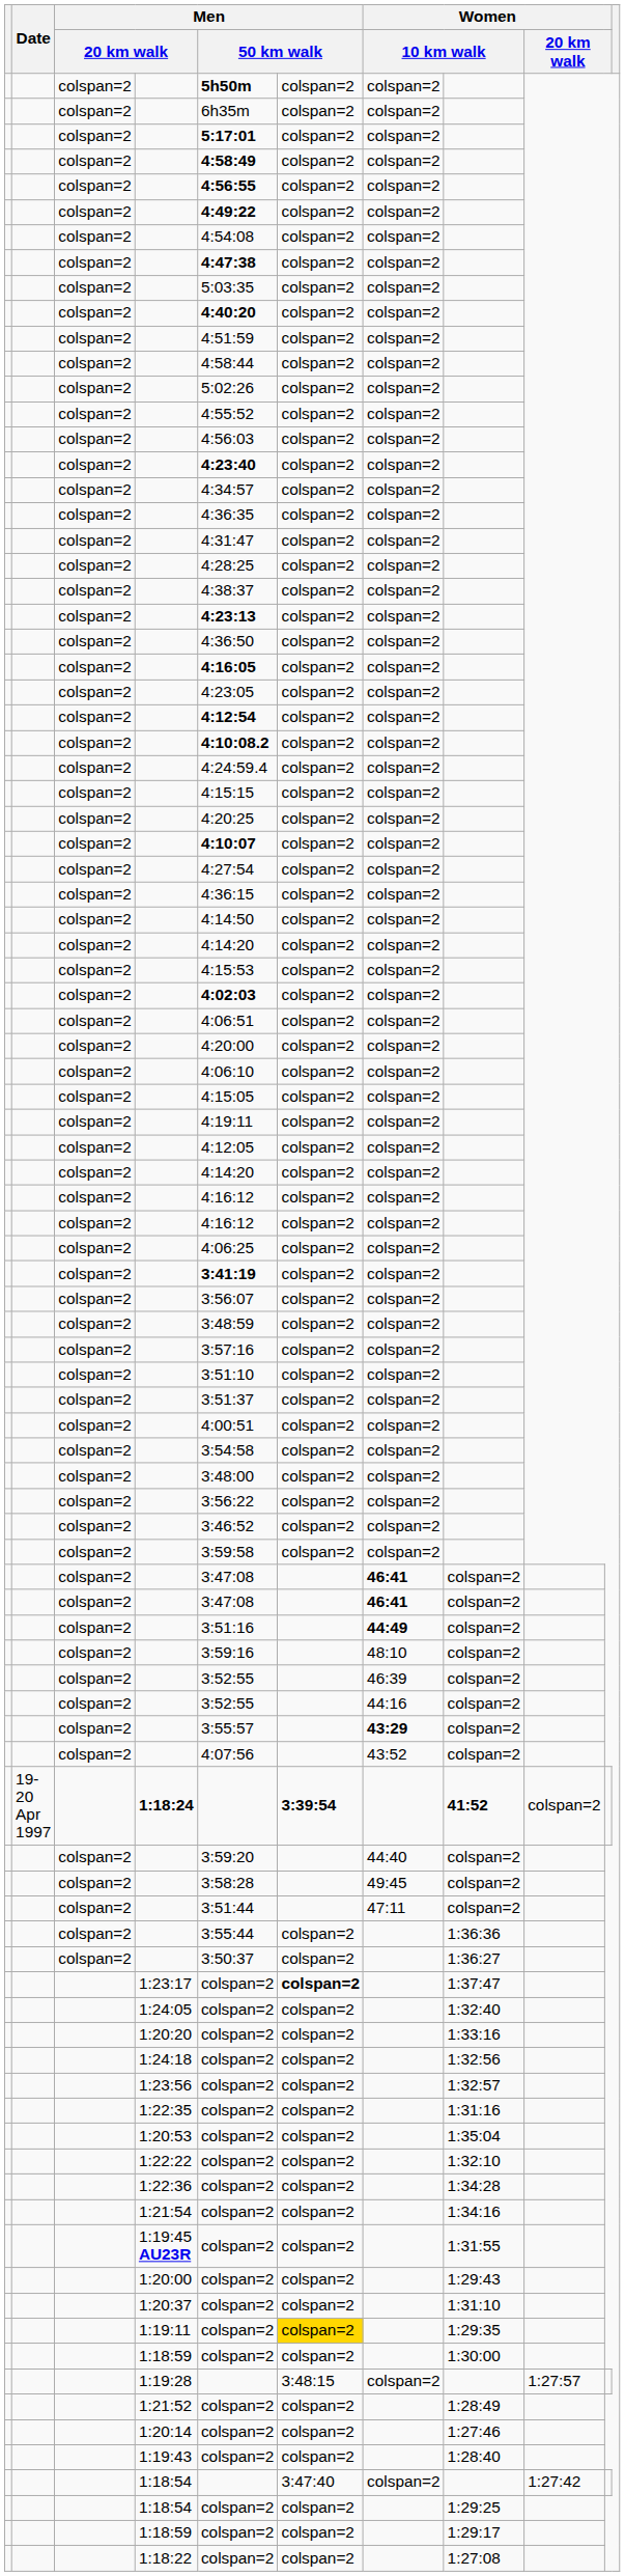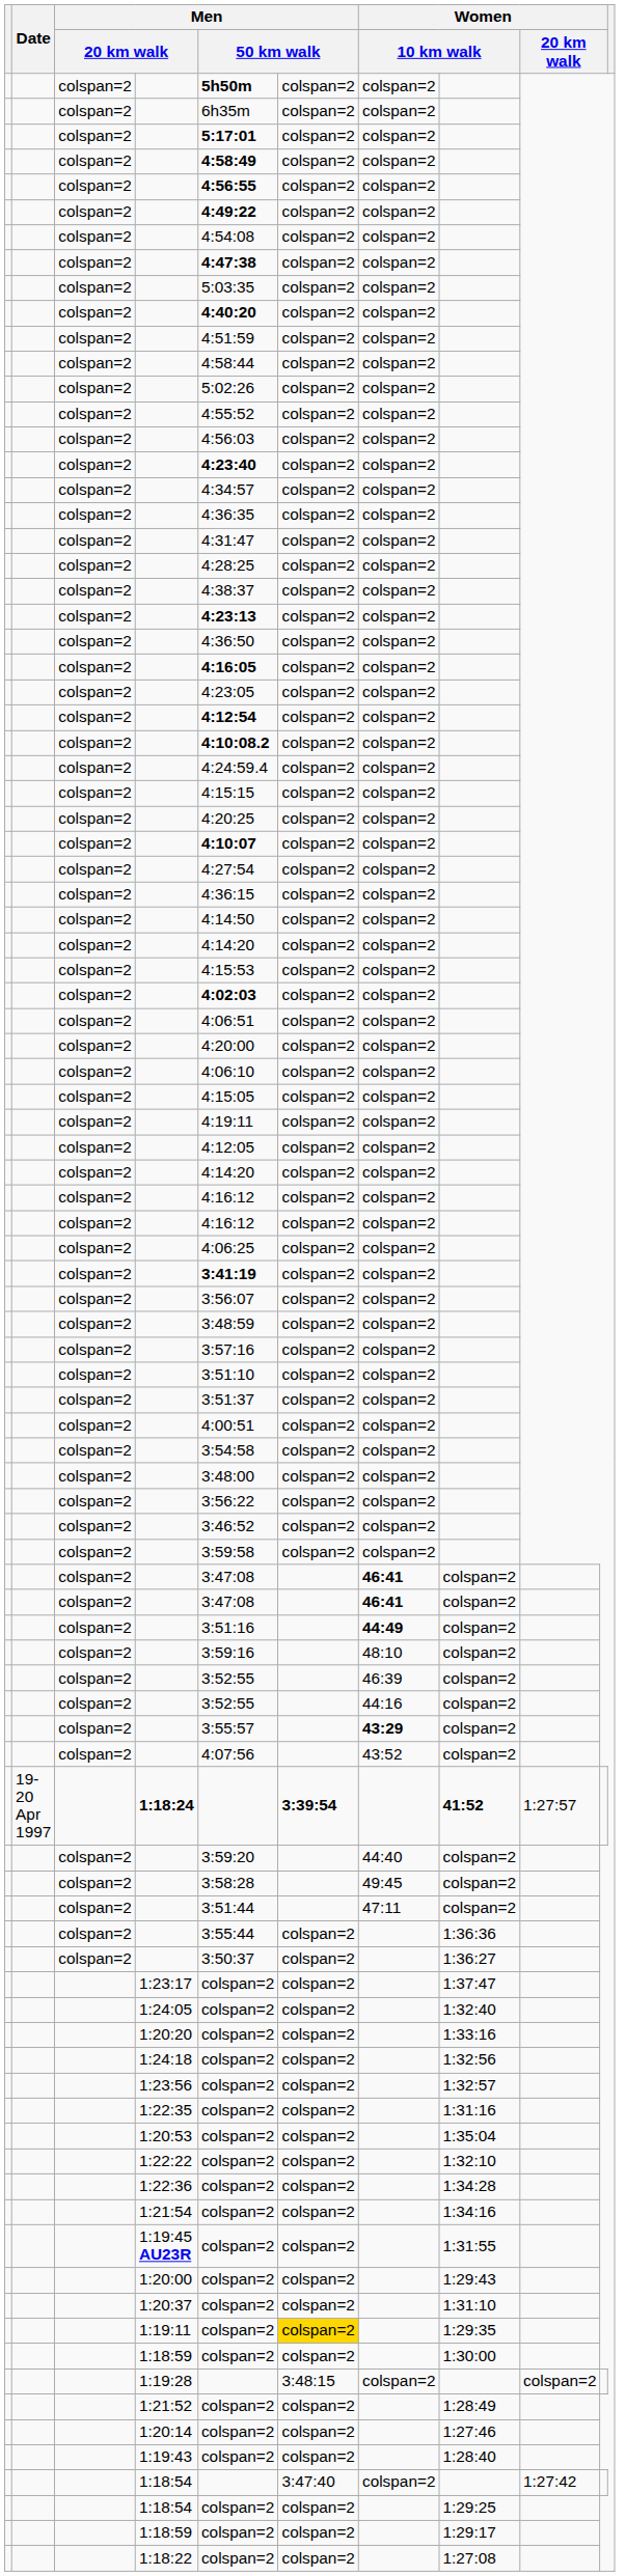 <table class="wikitable mw-datatable sortable">
 <tr>
 <th rowspan=2></th>
 <th rowspan=2>Date</th>
 <th colspan=4>Men</th>
 <th colspan=4>Women</th>
 <th rowspan=2 class="unsortable"></th>
 </tr>
 <tr>
 <th colspan=2><a href='#'>20 km walk</a></th>
 <th colspan=2><a href='#'>50 km walk</a></th>
 <th colspan=2><a href='#'>10 km walk</a></th>
 <th colspan=2><a href='#'>20 km walk</a></th>
 </tr>
 <tr>
 <td></td>
 <td></td>
 <td>colspan=2 </td>
 <td></td>
 <td><strong>5h50m</strong></td>
 <td>colspan=2 </td>
 <td>colspan=2 </td>
 <td></td>
 </tr>
 <tr>
 <td></td>
 <td></td>
 <td>colspan=2 </td>
 <td></td>
 <td>6h35m</td>
 <td>colspan=2 </td>
 <td>colspan=2 </td>
 <td></td>
 </tr>
 <tr>
 <td></td>
 <td></td>
 <td>colspan=2 </td>
 <td></td>
 <td><strong>5:17:01</strong></td>
 <td>colspan=2 </td>
 <td>colspan=2 </td>
 <td></td>
 </tr>
 <tr>
 <td></td>
 <td></td>
 <td>colspan=2 </td>
 <td></td>
 <td><strong>4:58:49</strong></td>
 <td>colspan=2 </td>
 <td>colspan=2 </td>
 <td></td>
 </tr>
 <tr>
 <td></td>
 <td></td>
 <td>colspan=2 </td>
 <td></td>
 <td><strong>4:56:55</strong></td>
 <td>colspan=2 </td>
 <td>colspan=2 </td>
 <td></td>
 </tr>
 <tr>
 <td></td>
 <td></td>
 <td>colspan=2 </td>
 <td></td>
 <td><strong>4:49:22</strong></td>
 <td>colspan=2 </td>
 <td>colspan=2 </td>
 <td></td>
 </tr>
 <tr>
 <td></td>
 <td></td>
 <td>colspan=2 </td>
 <td></td>
 <td>4:54:08</td>
 <td>colspan=2 </td>
 <td>colspan=2 </td>
 <td></td>
 </tr>
 <tr>
 <td></td>
 <td></td>
 <td>colspan=2 </td>
 <td></td>
 <td><strong>4:47:38</strong></td>
 <td>colspan=2 </td>
 <td>colspan=2 </td>
 <td></td>
 </tr>
 <tr>
 <td></td>
 <td></td>
 <td>colspan=2 </td>
 <td></td>
 <td>5:03:35</td>
 <td>colspan=2 </td>
 <td>colspan=2 </td>
 <td></td>
 </tr>
 <tr>
 <td></td>
 <td></td>
 <td>colspan=2 </td>
 <td></td>
 <td><strong>4:40:20</strong></td>
 <td>colspan=2 </td>
 <td>colspan=2 </td>
 <td></td>
 </tr>
 <tr>
 <td></td>
 <td></td>
 <td>colspan=2 </td>
 <td></td>
 <td>4:51:59</td>
 <td>colspan=2 </td>
 <td>colspan=2 </td>
 <td></td>
 </tr>
 <tr>
 <td></td>
 <td></td>
 <td>colspan=2 </td>
 <td></td>
 <td>4:58:44</td>
 <td>colspan=2 </td>
 <td>colspan=2 </td>
 <td></td>
 </tr>
 <tr>
 <td></td>
 <td></td>
 <td>colspan=2 </td>
 <td></td>
 <td>5:02:26</td>
 <td>colspan=2 </td>
 <td>colspan=2 </td>
 <td></td>
 </tr>
 <tr>
 <td></td>
 <td></td>
 <td>colspan=2 </td>
 <td></td>
 <td>4:55:52</td>
 <td>colspan=2 </td>
 <td>colspan=2 </td>
 <td></td>
 </tr>
 <tr>
 <td></td>
 <td></td>
 <td>colspan=2 </td>
 <td></td>
 <td>4:56:03</td>
 <td>colspan=2 </td>
 <td>colspan=2 </td>
 <td></td>
 </tr>
 <tr>
 <td></td>
 <td></td>
 <td>colspan=2 </td>
 <td></td>
 <td><strong>4:23:40</strong></td>
 <td>colspan=2 </td>
 <td>colspan=2 </td>
 <td></td>
 </tr>
 <tr>
 <td></td>
 <td></td>
 <td>colspan=2 </td>
 <td></td>
 <td>4:34:57</td>
 <td>colspan=2 </td>
 <td>colspan=2 </td>
 <td></td>
 </tr>
 <tr>
 <td></td>
 <td></td>
 <td>colspan=2 </td>
 <td></td>
 <td>4:36:35</td>
 <td>colspan=2 </td>
 <td>colspan=2 </td>
 <td></td>
 </tr>
 <tr>
 <td></td>
 <td></td>
 <td>colspan=2 </td>
 <td></td>
 <td>4:31:47</td>
 <td>colspan=2 </td>
 <td>colspan=2 </td>
 <td></td>
 </tr>
 <tr>
 <td></td>
 <td></td>
 <td>colspan=2 </td>
 <td></td>
 <td>4:28:25</td>
 <td>colspan=2 </td>
 <td>colspan=2 </td>
 <td></td>
 </tr>
 <tr>
 <td></td>
 <td></td>
 <td>colspan=2 </td>
 <td></td>
 <td>4:38:37</td>
 <td>colspan=2 </td>
 <td>colspan=2 </td>
 <td></td>
 </tr>
 <tr>
 <td></td>
 <td></td>
 <td>colspan=2 </td>
 <td></td>
 <td><strong>4:23:13</strong></td>
 <td>colspan=2 </td>
 <td>colspan=2 </td>
 <td></td>
 </tr>
 <tr>
 <td></td>
 <td></td>
 <td>colspan=2 </td>
 <td></td>
 <td>4:36:50</td>
 <td>colspan=2 </td>
 <td>colspan=2 </td>
 <td></td>
 </tr>
 <tr>
 <td></td>
 <td></td>
 <td>colspan=2 </td>
 <td></td>
 <td><strong>4:16:05</strong></td>
 <td>colspan=2 </td>
 <td>colspan=2 </td>
 <td></td>
 </tr>
 <tr>
 <td></td>
 <td></td>
 <td>colspan=2 </td>
 <td></td>
 <td>4:23:05</td>
 <td>colspan=2 </td>
 <td>colspan=2 </td>
 <td></td>
 </tr>
 <tr>
 <td></td>
 <td></td>
 <td>colspan=2 </td>
 <td></td>
 <td><strong>4:12:54</strong></td>
 <td>colspan=2 </td>
 <td>colspan=2 </td>
 <td></td>
 </tr>
 <tr>
 <td></td>
 <td></td>
 <td>colspan=2 </td>
 <td></td>
 <td><strong>4:10:08.2</strong></td>
 <td>colspan=2 </td>
 <td>colspan=2 </td>
 <td></td>
 </tr>
 <tr>
 <td></td>
 <td></td>
 <td>colspan=2 </td>
 <td></td>
 <td>4:24:59.4</td>
 <td>colspan=2 </td>
 <td>colspan=2 </td>
 <td></td>
 </tr>
 <tr>
 <td></td>
 <td></td>
 <td>colspan=2 </td>
 <td></td>
 <td>4:15:15</td>
 <td>colspan=2 </td>
 <td>colspan=2 </td>
 <td></td>
 </tr>
 <tr>
 <td></td>
 <td></td>
 <td>colspan=2 </td>
 <td></td>
 <td>4:20:25</td>
 <td>colspan=2 </td>
 <td>colspan=2 </td>
 <td></td>
 </tr>
 <tr>
 <td></td>
 <td></td>
 <td>colspan=2 </td>
 <td></td>
 <td><strong>4:10:07</strong></td>
 <td>colspan=2 </td>
 <td>colspan=2 </td>
 <td></td>
 </tr>
 <tr>
 <td></td>
 <td></td>
 <td>colspan=2 </td>
 <td></td>
 <td>4:27:54</td>
 <td>colspan=2 </td>
 <td>colspan=2 </td>
 <td></td>
 </tr>
 <tr>
 <td></td>
 <td></td>
 <td>colspan=2 </td>
 <td></td>
 <td>4:36:15</td>
 <td>colspan=2 </td>
 <td>colspan=2 </td>
 <td></td>
 </tr>
 <tr>
 <td></td>
 <td></td>
 <td>colspan=2 </td>
 <td></td>
 <td>4:14:50</td>
 <td>colspan=2 </td>
 <td>colspan=2 </td>
 <td></td>
 </tr>
 <tr>
 <td></td>
 <td></td>
 <td>colspan=2 </td>
 <td></td>
 <td>4:14:20</td>
 <td>colspan=2 </td>
 <td>colspan=2 </td>
 <td></td>
 </tr>
 <tr>
 <td></td>
 <td></td>
 <td>colspan=2 </td>
 <td></td>
 <td>4:15:53</td>
 <td>colspan=2 </td>
 <td>colspan=2 </td>
 <td></td>
 </tr>
 <tr>
 <td></td>
 <td></td>
 <td>colspan=2 </td>
 <td></td>
 <td><strong>4:02:03</strong></td>
 <td>colspan=2 </td>
 <td>colspan=2 </td>
 <td></td>
 </tr>
 <tr>
 <td></td>
 <td></td>
 <td>colspan=2 </td>
 <td></td>
 <td>4:06:51</td>
 <td>colspan=2 </td>
 <td>colspan=2 </td>
 <td></td>
 </tr>
 <tr>
 <td></td>
 <td></td>
 <td>colspan=2 </td>
 <td></td>
 <td>4:20:00</td>
 <td>colspan=2 </td>
 <td>colspan=2 </td>
 <td></td>
 </tr>
 <tr>
 <td></td>
 <td></td>
 <td>colspan=2 </td>
 <td></td>
 <td>4:06:10</td>
 <td>colspan=2 </td>
 <td>colspan=2 </td>
 <td></td>
 </tr>
 <tr>
 <td></td>
 <td></td>
 <td>colspan=2 </td>
 <td></td>
 <td>4:15:05</td>
 <td>colspan=2 </td>
 <td>colspan=2 </td>
 <td></td>
 </tr>
 <tr>
 <td></td>
 <td></td>
 <td>colspan=2 </td>
 <td></td>
 <td>4:19:11</td>
 <td>colspan=2 </td>
 <td>colspan=2 </td>
 <td></td>
 </tr>
 <tr>
 <td></td>
 <td></td>
 <td>colspan=2 </td>
 <td></td>
 <td>4:12:05</td>
 <td>colspan=2 </td>
 <td>colspan=2 </td>
 <td></td>
 </tr>
 <tr>
 <td></td>
 <td></td>
 <td>colspan=2 </td>
 <td></td>
 <td>4:14:20</td>
 <td>colspan=2 </td>
 <td>colspan=2 </td>
 <td></td>
 </tr>
 <tr>
 <td></td>
 <td></td>
 <td>colspan=2 </td>
 <td></td>
 <td>4:16:12</td>
 <td>colspan=2 </td>
 <td>colspan=2 </td>
 <td></td>
 </tr>
 <tr>
 <td></td>
 <td></td>
 <td>colspan=2 </td>
 <td></td>
 <td>4:16:12</td>
 <td>colspan=2 </td>
 <td>colspan=2 </td>
 <td></td>
 </tr>
 <tr>
 <td></td>
 <td></td>
 <td>colspan=2 </td>
 <td></td>
 <td>4:06:25</td>
 <td>colspan=2 </td>
 <td>colspan=2 </td>
 <td></td>
 </tr>
 <tr>
 <td></td>
 <td></td>
 <td>colspan=2 </td>
 <td></td>
 <td><strong>3:41:19</strong></td>
 <td>colspan=2 </td>
 <td>colspan=2 </td>
 <td></td>
 </tr>
 <tr>
 <td></td>
 <td></td>
 <td>colspan=2 </td>
 <td></td>
 <td>3:56:07</td>
 <td>colspan=2 </td>
 <td>colspan=2 </td>
 <td></td>
 </tr>
 <tr>
 <td></td>
 <td></td>
 <td>colspan=2 </td>
 <td></td>
 <td>3:48:59</td>
 <td>colspan=2 </td>
 <td>colspan=2 </td>
 <td></td>
 </tr>
 <tr>
 <td></td>
 <td></td>
 <td>colspan=2 </td>
 <td></td>
 <td>3:57:16</td>
 <td>colspan=2 </td>
 <td>colspan=2 </td>
 <td></td>
 </tr>
 <tr>
 <td></td>
 <td></td>
 <td>colspan=2 </td>
 <td></td>
 <td>3:51:10</td>
 <td>colspan=2 </td>
 <td>colspan=2 </td>
 <td></td>
 </tr>
 <tr>
 <td></td>
 <td></td>
 <td>colspan=2 </td>
 <td></td>
 <td>3:51:37</td>
 <td>colspan=2 </td>
 <td>colspan=2 </td>
 <td></td>
 </tr>
 <tr>
 <td></td>
 <td></td>
 <td>colspan=2 </td>
 <td></td>
 <td>4:00:51</td>
 <td>colspan=2 </td>
 <td>colspan=2 </td>
 <td></td>
 </tr>
 <tr>
 <td></td>
 <td></td>
 <td>colspan=2 </td>
 <td></td>
 <td>3:54:58</td>
 <td>colspan=2 </td>
 <td>colspan=2 </td>
 <td></td>
 </tr>
 <tr>
 <td></td>
 <td></td>
 <td>colspan=2 </td>
 <td></td>
 <td>3:48:00</td>
 <td>colspan=2 </td>
 <td>colspan=2 </td>
 <td></td>
 </tr>
 <tr>
 <td></td>
 <td></td>
 <td>colspan=2 </td>
 <td></td>
 <td>3:56:22</td>
 <td>colspan=2 </td>
 <td>colspan=2 </td>
 <td></td>
 </tr>
 <tr>
 <td></td>
 <td></td>
 <td>colspan=2 </td>
 <td></td>
 <td>3:46:52</td>
 <td>colspan=2 </td>
 <td>colspan=2 </td>
 <td></td>
 </tr>
 <tr>
 <td></td>
 <td></td>
 <td>colspan=2 </td>
 <td></td>
 <td>3:59:58</td>
 <td>colspan=2 </td>
 <td>colspan=2 </td>
 <td></td>
 </tr>
 <tr>
 <td></td>
 <td></td>
 <td>colspan=2 </td>
 <td></td>
 <td>3:47:08</td>
 <td></td>
 <td><strong>46:41</strong></td>
 <td>colspan=2 </td>
 <td></td>
 </tr>
 <tr>
 <td></td>
 <td></td>
 <td>colspan=2 </td>
 <td></td>
 <td>3:47:08</td>
 <td></td>
 <td><strong>46:41</strong></td>
 <td>colspan=2 </td>
 <td></td>
 </tr>
 <tr>
 <td></td>
 <td></td>
 <td>colspan=2 </td>
 <td></td>
 <td>3:51:16</td>
 <td></td>
 <td><strong>44:49</strong></td>
 <td>colspan=2 </td>
 <td></td>
 </tr>
 <tr>
 <td></td>
 <td></td>
 <td>colspan=2 </td>
 <td></td>
 <td>3:59:16</td>
 <td></td>
 <td>48:10</td>
 <td>colspan=2 </td>
 <td></td>
 </tr>
 <tr>
 <td></td>
 <td></td>
 <td>colspan=2 </td>
 <td></td>
 <td>3:52:55</td>
 <td></td>
 <td>46:39</td>
 <td>colspan=2 </td>
 <td></td>
 </tr>
 <tr>
 <td></td>
 <td></td>
 <td>colspan=2 </td>
 <td></td>
 <td>3:52:55</td>
 <td></td>
 <td>44:16</td>
 <td>colspan=2 </td>
 <td></td>
 </tr>
 <tr>
 <td></td>
 <td></td>
 <td>colspan=2 </td>
 <td></td>
 <td>3:55:57</td>
 <td></td>
 <td><strong>43:29</strong></td>
 <td>colspan=2 </td>
 <td></td>
 </tr>
 <tr>
 <td></td>
 <td></td>
 <td>colspan=2 </td>
 <td></td>
 <td>4:07:56</td>
 <td></td>
 <td>43:52</td>
 <td>colspan=2 </td>
 <td></td>
 </tr>
 <tr>
 <td><a href='#'></a></td>
 <td>19-20 Apr 1997</td>
 <td></td>
 <td><strong>1:18:24</strong></td>
 <td></td>
 <td><strong>3:39:54</strong></td>
 <td></td>
 <td><strong>41:52</strong></td>
-<td>colspan=2 </td>
+<td>1:27:57</td>
 <td></td>
 </tr>
 <tr>
 <td></td>
 <td></td>
 <td>colspan=2 </td>
 <td></td>
 <td>3:59:20</td>
 <td></td>
 <td>44:40</td>
 <td>colspan=2 </td>
 <td></td>
 </tr>
 <tr>
 <td></td>
 <td></td>
 <td>colspan=2 </td>
 <td></td>
 <td>3:58:28</td>
 <td></td>
 <td>49:45</td>
 <td>colspan=2 </td>
 <td></td>
 </tr>
 <tr>
 <td></td>
 <td></td>
 <td>colspan=2 </td>
 <td></td>
 <td>3:51:44</td>
 <td></td>
 <td>47:11</td>
 <td>colspan=2 </td>
 <td></td>
 </tr>
 <tr>
 <td></td>
 <td></td>
 <td>colspan=2 </td>
 <td></td>
 <td>3:55:44</td>
 <td>colspan=2 </td>
 <td></td>
 <td>1:36:36</td>
 <td></td>
 </tr>
 <tr>
 <td></td>
 <td></td>
 <td>colspan=2 </td>
 <td></td>
 <td>3:50:37</td>
 <td>colspan=2 </td>
 <td></td>
 <td>1:36:27</td>
 <td></td>
 </tr>
 <tr>
 <td></td>
 <td></td>
 <td></td>
 <td>1:23:17</td>
 <td>colspan=2 </td>
-<td><strong>colspan=2 </strong></td>
+<td>colspan=2 </td>
 <td></td>
 <td>1:37:47</td>
 <td></td>
 </tr>
 <tr>
 <td></td>
 <td></td>
 <td></td>
 <td>1:24:05</td>
 <td>colspan=2 </td>
 <td>colspan=2 </td>
 <td></td>
 <td>1:32:40</td>
 <td></td>
 </tr>
 <tr>
 <td></td>
 <td></td>
 <td></td>
 <td>1:20:20</td>
 <td>colspan=2 </td>
 <td>colspan=2 </td>
 <td></td>
 <td>1:33:16</td>
 <td></td>
 </tr>
 <tr>
 <td></td>
 <td></td>
 <td></td>
 <td>1:24:18</td>
 <td>colspan=2 </td>
 <td>colspan=2 </td>
 <td></td>
 <td>1:32:56</td>
 <td></td>
 </tr>
 <tr>
 <td></td>
 <td></td>
 <td></td>
 <td>1:23:56</td>
 <td>colspan=2 </td>
 <td>colspan=2 </td>
 <td></td>
 <td>1:32:57</td>
 <td></td>
 </tr>
 <tr>
 <td></td>
 <td></td>
 <td></td>
 <td>1:22:35</td>
 <td>colspan=2 </td>
 <td>colspan=2 </td>
 <td></td>
 <td>1:31:16</td>
 <td></td>
 </tr>
 <tr>
 <td></td>
 <td></td>
 <td></td>
 <td>1:20:53</td>
 <td>colspan=2 </td>
 <td>colspan=2 </td>
 <td></td>
 <td>1:35:04</td>
 <td></td>
 </tr>
 <tr>
 <td></td>
 <td></td>
 <td></td>
 <td>1:22:22</td>
 <td>colspan=2 </td>
 <td>colspan=2 </td>
 <td></td>
 <td>1:32:10</td>
 <td></td>
 </tr>
 <tr>
 <td></td>
 <td></td>
 <td></td>
 <td>1:22:36</td>
 <td>colspan=2 </td>
 <td>colspan=2 </td>
 <td></td>
 <td>1:34:28</td>
 <td></td>
 </tr>
 <tr>
 <td></td>
 <td></td>
 <td></td>
 <td>1:21:54</td>
 <td>colspan=2 </td>
 <td>colspan=2 </td>
 <td></td>
 <td>1:34:16</td>
 <td></td>
 </tr>
 <tr>
 <td></td>
 <td></td>
 <td></td>
 <td>1:19:45  <strong><a href='#'>AU23R</a></strong></td>
 <td>colspan=2 </td>
 <td>colspan=2 </td>
 <td></td>
 <td>1:31:55</td>
 <td></td>
 </tr>
 <tr>
 <td></td>
 <td></td>
 <td></td>
 <td>1:20:00</td>
 <td>colspan=2 </td>
 <td>colspan=2 </td>
 <td></td>
 <td>1:29:43</td>
 <td></td>
 </tr>
 <tr>
 <td></td>
 <td></td>
 <td></td>
 <td>1:20:37</td>
 <td>colspan=2 </td>
 <td>colspan=2 </td>
 <td></td>
 <td>1:31:10</td>
 <td></td>
 </tr>
 <tr>
 <td></td>
 <td></td>
 <td></td>
 <td>1:19:11</td>
 <td>colspan=2 </td>
 <td style="background: gold;">colspan=2 </td>
 <td></td>
 <td>1:29:35</td>
 <td></td>
 </tr>
 <tr>
 <td></td>
 <td></td>
 <td></td>
 <td>1:18:59</td>
 <td>colspan=2 </td>
 <td>colspan=2 </td>
 <td></td>
 <td>1:30:00</td>
 <td></td>
 </tr>
 <tr>
 <td><a href='#'></a></td>
 <td></td>
 <td></td>
 <td>1:19:28</td>
 <td></td>
 <td>3:48:15</td>
 <td>colspan=2 </td>
 <td></td>
-<td>1:27:57</td>
+<td>colspan=2 </td>
 <td></td>
 </tr>
 <tr>
 <td></td>
 <td></td>
 <td></td>
 <td>1:21:52</td>
 <td>colspan=2 </td>
 <td>colspan=2 </td>
 <td></td>
 <td>1:28:49</td>
 <td></td>
 </tr>
 <tr>
 <td></td>
 <td></td>
 <td></td>
 <td>1:20:14</td>
 <td>colspan=2 </td>
 <td>colspan=2 </td>
 <td></td>
 <td>1:27:46</td>
 <td></td>
 </tr>
 <tr>
 <td></td>
 <td></td>
 <td></td>
 <td>1:19:43</td>
 <td>colspan=2 </td>
 <td>colspan=2 </td>
 <td></td>
 <td>1:28:40</td>
 <td></td>
 </tr>
 <tr>
 <td><a href='#'></a></td>
 <td></td>
 <td></td>
 <td>1:18:54</td>
 <td></td>
 <td>3:47:40</td>
 <td>colspan=2 </td>
 <td></td>
 <td>1:27:42</td>
 <td></td>
 </tr>
 <tr>
 <td></td>
 <td></td>
 <td></td>
 <td>1:18:54</td>
 <td>colspan=2 </td>
 <td>colspan=2 </td>
 <td></td>
 <td>1:29:25</td>
 <td></td>
 </tr>
 <tr>
 <td><a href='#'></a></td>
 <td></td>
 <td></td>
 <td>1:18:59</td>
 <td>colspan=2 </td>
 <td>colspan=2 </td>
 <td></td>
 <td>1:29:17</td>
 <td></td>
 </tr>
 <tr>
 <td></td>
 <td></td>
 <td></td>
 <td>1:18:22</td>
 <td>colspan=2 </td>
 <td>colspan=2 </td>
 <td></td>
 <td>1:27:08</td>
 <td></td>
 </tr>
 </table>
